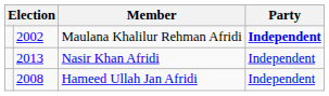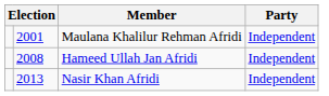 <table class="wikitable">
 <tr>
 <th colspan="2">Election</th>
 <th>Member</th>
 <th>Party</th>
 </tr>
 <tr>
 <td style="background-color: "></td>
-<td><a href='#'>2002</a></td>
+<td><a href='#'>2001</a></td>
 <td>Maulana Khalilur Rehman Afridi</td>
-<td><strong><a href='#'>Independent</a></strong></td>
-</tr>
-<tr>
-<td style="background-color: "></td>
-<td><a href='#'>2013</a></td>
-<td><a href='#'>Nasir Khan Afridi</a></td>
 <td><a href='#'>Independent</a></td>
 </tr>
 <tr>
 <td style="background-color: "></td>
 <td><a href='#'>2008</a></td>
 <td><a href='#'>Hameed Ullah Jan Afridi</a></td>
 <td><a href='#'>Independent</a></td>
 </tr>
+<tr>
+<td style="background-color: "></td>
+<td><a href='#'>2013</a></td>
+<td><a href='#'>Nasir Khan Afridi</a></td>
+<td><a href='#'>Independent</a></td>
+</tr>
 </table>
